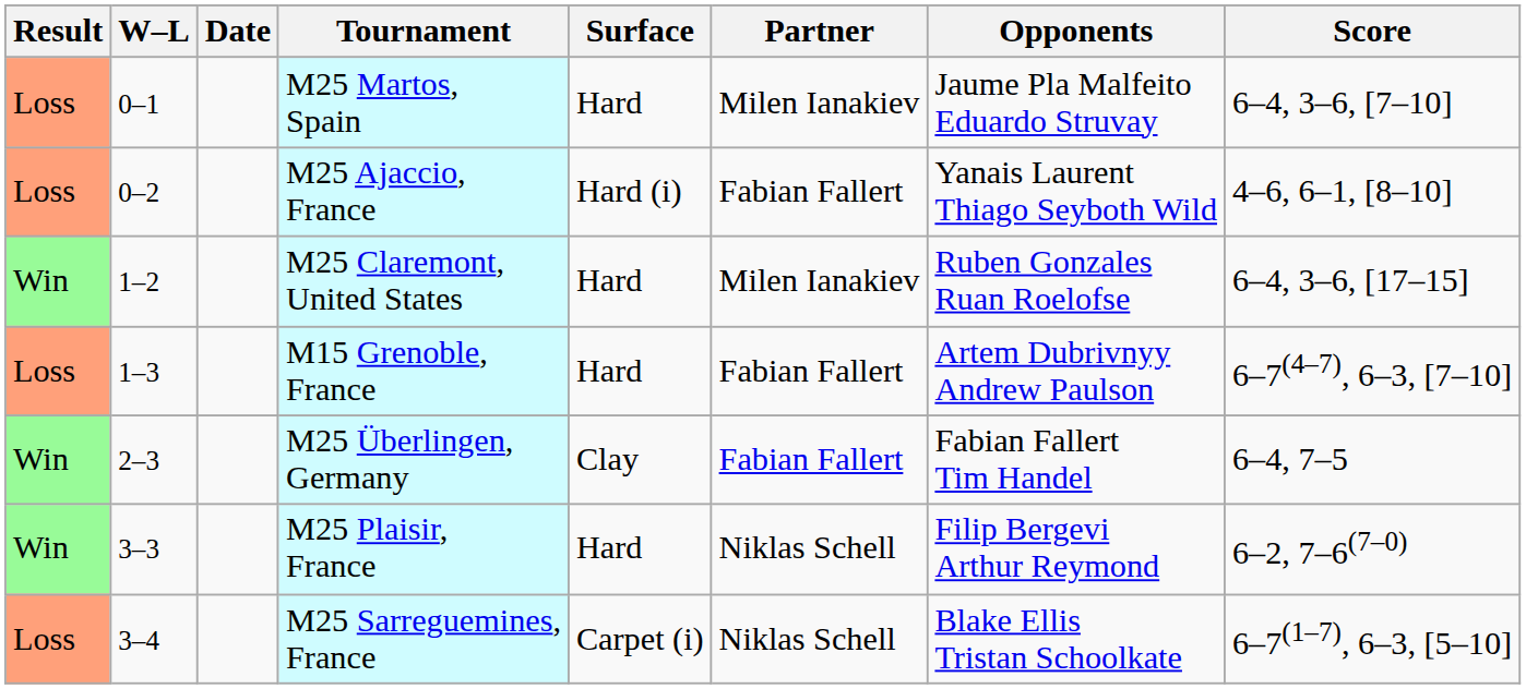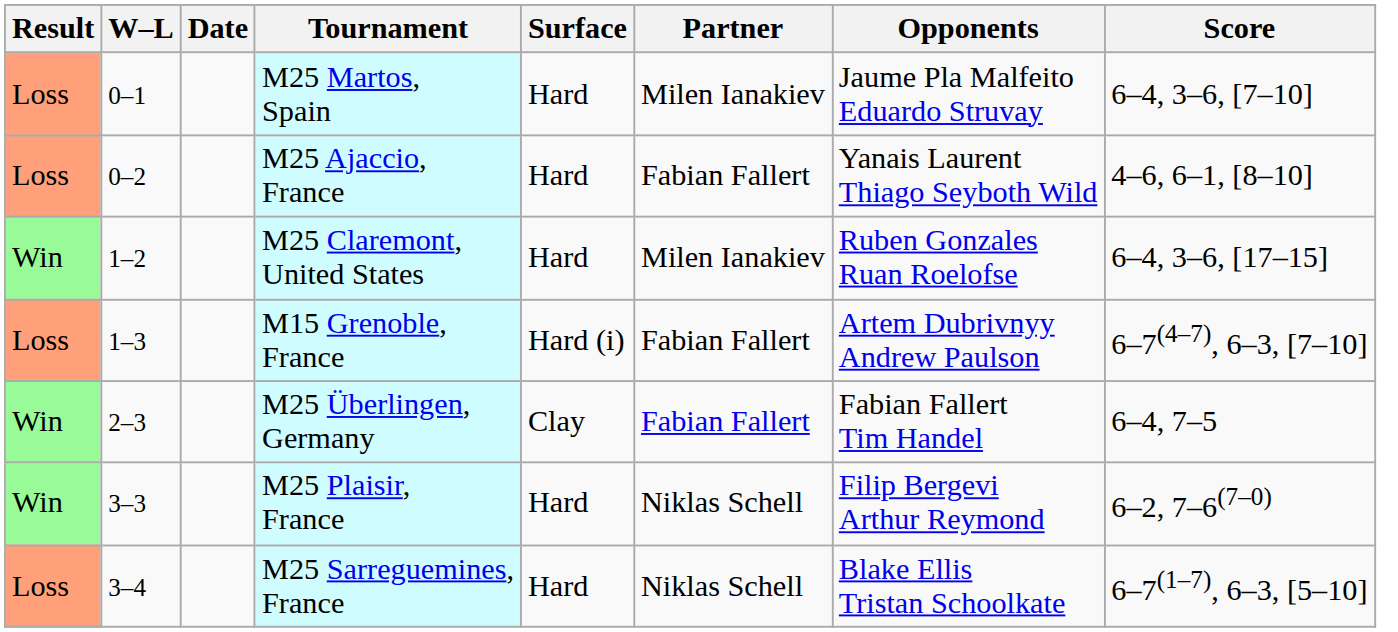 <table class="sortable wikitable nowrap">
 <tr>
 <th>Result</th>
 <th class="unsortable">W–L</th>
 <th>Date</th>
 <th>Tournament</th>
 <th>Surface</th>
 <th>Partner</th>
 <th>Opponents</th>
 <th class="unsortable">Score</th>
 </tr>
 <tr>
 <td style="background:#FFA07A">Loss</td>
 <td><small>0–1</small></td>
 <td></td>
 <td style="background:#cffcff;">M25 <a href='#'>Martos</a>, <br> Spain</td>
 <td>Hard</td>
 <td> Milen Ianakiev</td>
 <td> Jaume Pla Malfeito<br> <a href='#'>Eduardo Struvay</a></td>
 <td>6–4, 3–6, [7–10]</td>
 </tr>
 <tr>
 <td style="background:#FFA07A">Loss</td>
 <td><small>0–2</small></td>
 <td></td>
 <td style="background:#cffcff;">M25 <a href='#'>Ajaccio</a>, <br> France</td>
-<td>Hard (i)</td>
+<td>Hard</td>
 <td> Fabian Fallert</td>
 <td> Yanais Laurent<br> <a href='#'>Thiago Seyboth Wild</a></td>
 <td>4–6, 6–1, [8–10]</td>
 </tr>
 <tr>
 <td style="background:#98FB98">Win</td>
 <td><small>1–2</small></td>
 <td></td>
 <td style="background:#cffcff;">M25 <a href='#'>Claremont</a>, <br> United States</td>
 <td>Hard</td>
 <td> Milen Ianakiev</td>
 <td> <a href='#'>Ruben Gonzales</a><br> <a href='#'>Ruan Roelofse</a></td>
 <td>6–4, 3–6, [17–15]</td>
 </tr>
 <tr>
 <td style="background:#FFA07A">Loss</td>
 <td><small>1–3</small></td>
 <td></td>
 <td style="background:#cffcff;">M15 <a href='#'>Grenoble</a>, <br> France</td>
-<td>Hard</td>
+<td>Hard (i)</td>
 <td> Fabian Fallert</td>
 <td> <a href='#'>Artem Dubrivnyy</a><br> <a href='#'>Andrew Paulson</a></td>
 <td>6–7<sup>(4–7)</sup>, 6–3, [7–10]</td>
 </tr>
 <tr>
 <td style="background:#98FB98">Win</td>
 <td><small>2–3</small></td>
 <td></td>
 <td style="background:#cffcff;">M25 <a href='#'>Überlingen</a>, <br> Germany</td>
 <td>Clay</td>
 <td> <a href='#'>Fabian Fallert</a></td>
 <td> Fabian Fallert<br> <a href='#'>Tim Handel</a></td>
 <td>6–4, 7–5</td>
 </tr>
 <tr>
 <td style="background:#98FB98">Win</td>
 <td><small>3–3</small></td>
 <td></td>
 <td style="background:#cffcff;">M25 <a href='#'>Plaisir</a>, <br> France</td>
 <td>Hard</td>
 <td> Niklas Schell</td>
 <td> <a href='#'>Filip Bergevi</a><br> <a href='#'>Arthur Reymond</a></td>
 <td>6–2, 7–6<sup>(7–0)</sup></td>
 </tr>
 <tr>
 <td style="background:#FFA07A">Loss</td>
 <td><small>3–4</small></td>
 <td></td>
 <td style="background:#cffcff;">M25 <a href='#'>Sarreguemines</a>, <br> France</td>
-<td>Carpet (i)</td>
+<td>Hard</td>
 <td> Niklas Schell</td>
 <td> <a href='#'>Blake Ellis</a><br> <a href='#'>Tristan Schoolkate</a></td>
 <td>6–7<sup>(1–7)</sup>, 6–3, [5–10]</td>
 </tr>
 </table>
